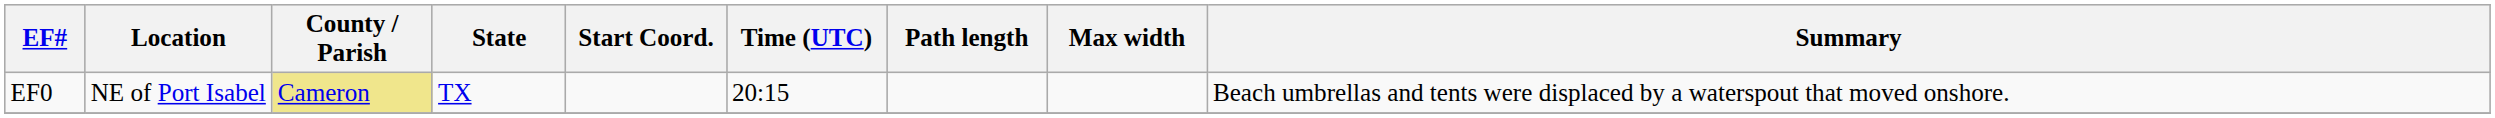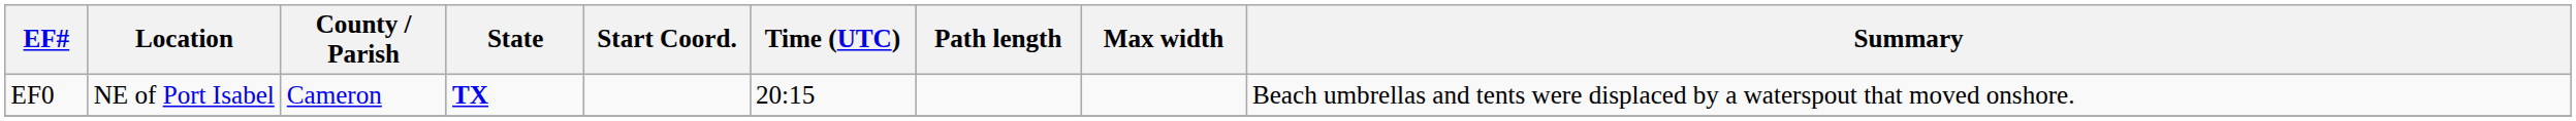 <table class="wikitable sortable" style="width:100%;">
 <tr>
 <th scope="col" style="width:3%; text-align:center;"><a href='#'>EF#</a></th>
 <th scope="col" style="width:7%; text-align:center;" class="unsortable">Location</th>
 <th scope="col" style="width:6%; text-align:center;" class="unsortable">County / Parish</th>
 <th scope="col" style="width:5%; text-align:center;">State</th>
 <th scope="col" style="width:6%; text-align:center;">Start Coord.</th>
 <th scope="col" style="width:6%; text-align:center;">Time (<a href='#'>UTC</a>)</th>
 <th scope="col" style="width:6%; text-align:center;">Path length</th>
 <th scope="col" style="width:6%; text-align:center;">Max width</th>
 <th scope="col" class="unsortable" style="width:48%; text-align:center;">Summary</th>
 </tr>
 <tr>
 <td bgcolor=>EF0</td>
 <td>NE of <a href='#'>Port Isabel</a></td>
-<td style="background: khaki;"><a href='#'>Cameron</a></td>
-<td><a href='#'>TX</a></td>
+<td><a href='#'>Cameron</a></td>
+<td><strong><a href='#'>TX</a></strong></td>
 <td></td>
 <td>20:15</td>
 <td></td>
 <td></td>
 <td>Beach umbrellas and tents were displaced by a waterspout that moved onshore.</td>
 </tr>
 <tr>
 </tr>
 </table>
